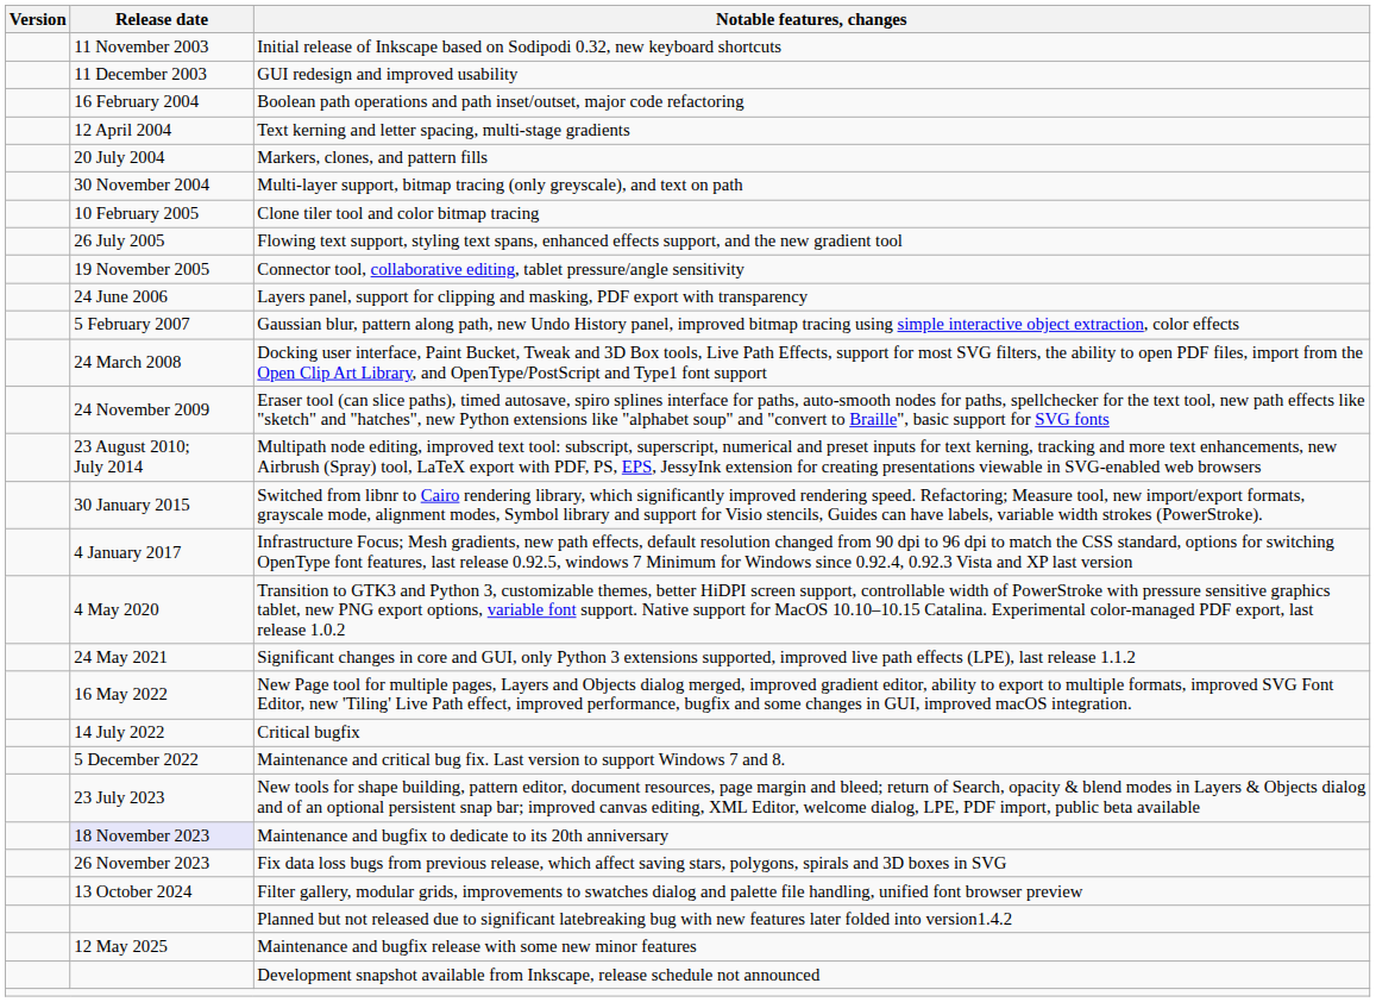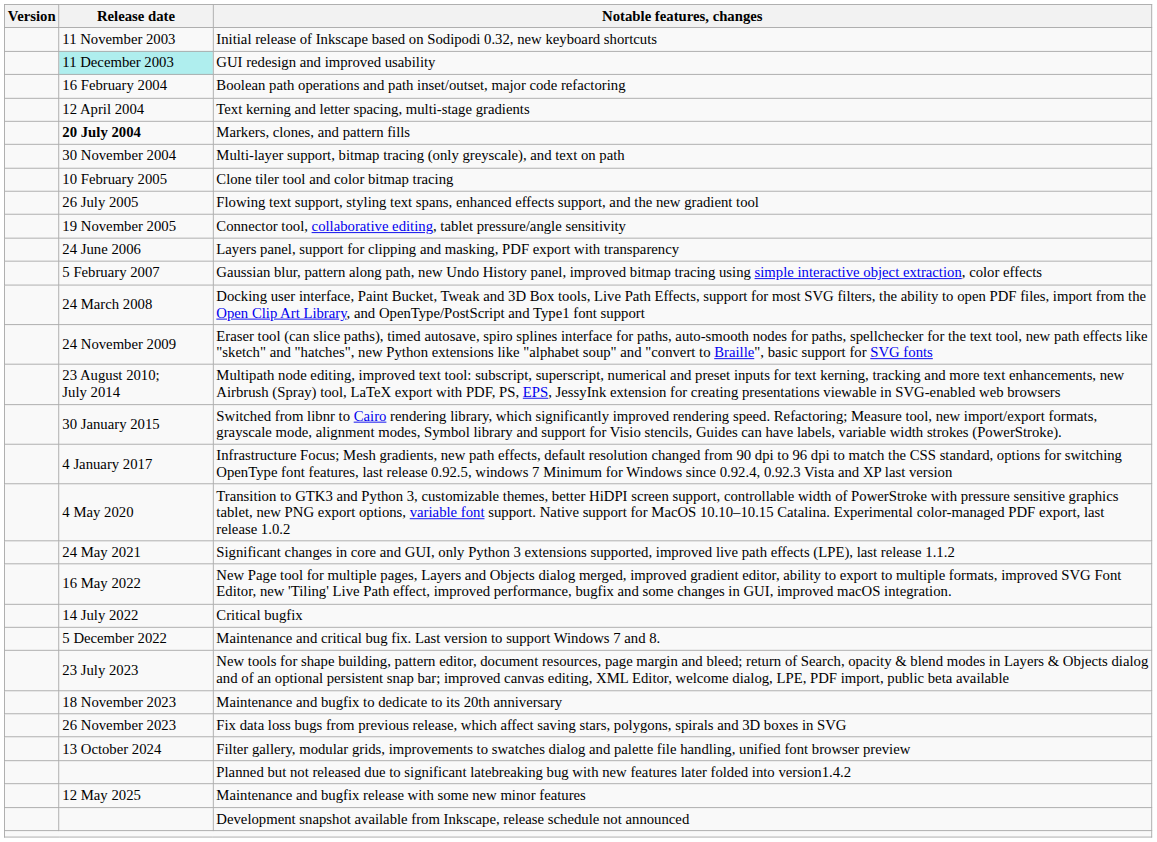 <table class="wikitable">
 <tr>
 <th>Version</th>
 <th scope="col" style="width: 10em;">Release date</th>
 <th>Notable features, changes</th>
 </tr>
 <tr>
 <td></td>
 <td>11 November 2003</td>
 <td>Initial release of Inkscape based on Sodipodi 0.32, new keyboard shortcuts</td>
 </tr>
 <tr>
 <td></td>
-<td>11 December 2003</td>
+<td style="background: paleturquoise;">11 December 2003</td>
 <td>GUI redesign and improved usability</td>
 </tr>
 <tr>
 <td></td>
 <td>16 February 2004</td>
 <td>Boolean path operations and path inset/outset, major code refactoring</td>
 </tr>
 <tr>
 <td></td>
 <td>12 April 2004</td>
 <td>Text kerning and letter spacing, multi-stage gradients</td>
 </tr>
 <tr>
 <td></td>
-<td>20 July 2004</td>
+<td><strong>20 July 2004</strong></td>
 <td>Markers, clones, and pattern fills</td>
 </tr>
 <tr>
 <td></td>
 <td>30 November 2004</td>
 <td>Multi-layer support, bitmap tracing (only greyscale), and text on path</td>
 </tr>
 <tr>
 <td></td>
 <td>10 February 2005</td>
 <td>Clone tiler tool and color bitmap tracing</td>
 </tr>
 <tr>
 <td></td>
 <td>26 July 2005</td>
 <td>Flowing text support, styling text spans, enhanced effects support, and the new gradient tool</td>
 </tr>
 <tr>
 <td></td>
 <td>19 November 2005</td>
 <td>Connector tool, <a href='#'>collaborative editing</a>, tablet pressure/angle sensitivity</td>
 </tr>
 <tr>
 <td></td>
 <td>24 June 2006</td>
 <td>Layers panel, support for clipping and masking, PDF export with transparency</td>
 </tr>
 <tr>
 <td></td>
 <td>5 February 2007</td>
 <td>Gaussian blur, pattern along path, new Undo History panel, improved bitmap tracing using <a href='#'>simple interactive object extraction</a>, color effects</td>
 </tr>
 <tr>
 <td></td>
 <td>24 March 2008</td>
 <td>Docking user interface, Paint Bucket, Tweak and 3D Box tools, Live Path Effects, support for most SVG filters, the ability to open PDF files, import from the <a href='#'>Open Clip Art Library</a>, and OpenType/PostScript and Type1 font support</td>
 </tr>
 <tr>
 <td></td>
 <td>24 November 2009</td>
 <td>Eraser tool (can slice paths), timed autosave, spiro splines interface for paths, auto-smooth nodes for paths, spellchecker for the text tool, new path effects like "sketch" and "hatches", new Python extensions like "alphabet soup" and "convert to <a href='#'>Braille</a>", basic support for <a href='#'>SVG fonts</a></td>
 </tr>
 <tr>
 <td></td>
 <td>23 August 2010;<br>July 2014</td>
 <td>Multipath node editing, improved text tool: subscript, superscript, numerical and preset inputs for text kerning, tracking and more text enhancements, new Airbrush (Spray) tool, LaTeX export with PDF, PS, <a href='#'>EPS</a>, JessyInk extension for creating presentations viewable in SVG-enabled web browsers</td>
 </tr>
 <tr>
 <td></td>
 <td>30 January 2015</td>
 <td>Switched from libnr to <a href='#'>Cairo</a> rendering library, which significantly improved rendering speed. Refactoring; Measure tool, new import/export formats, grayscale mode, alignment modes, Symbol library and support for Visio stencils, Guides can have labels, variable width strokes (PowerStroke).</td>
 </tr>
 <tr>
 <td></td>
 <td>4 January 2017</td>
 <td>Infrastructure Focus; Mesh gradients, new path effects, default resolution changed from 90 dpi to 96 dpi to match the CSS standard, options for switching OpenType font features, last release 0.92.5, windows 7 Minimum for Windows since 0.92.4, 0.92.3 Vista and XP last version</td>
 </tr>
 <tr>
 <td></td>
 <td>4 May 2020</td>
 <td>Transition to GTK3 and Python 3, customizable themes, better HiDPI screen support, controllable width of PowerStroke with pressure sensitive graphics tablet, new PNG export options, <a href='#'>variable font</a> support. Native support for MacOS 10.10–10.15 Catalina. Experimental color-managed PDF export, last release 1.0.2</td>
 </tr>
 <tr>
 <td></td>
 <td>24 May 2021</td>
 <td>Significant changes in core and GUI, only Python 3 extensions supported, improved live path effects (LPE), last release 1.1.2</td>
 </tr>
 <tr>
 <td></td>
 <td>16 May 2022</td>
 <td>New Page tool for multiple pages, Layers and Objects dialog merged, improved gradient editor, ability to export to multiple formats, improved SVG Font Editor, new 'Tiling' Live Path effect, improved performance, bugfix and some changes in GUI, improved macOS integration.</td>
 </tr>
 <tr>
 <td></td>
 <td>14 July 2022</td>
 <td>Critical bugfix</td>
 </tr>
 <tr>
 <td></td>
 <td>5 December 2022</td>
 <td>Maintenance and critical bug fix. Last version to support Windows 7 and 8.</td>
 </tr>
 <tr>
 <td></td>
 <td>23 July 2023</td>
 <td>New tools for shape building, pattern editor, document resources, page margin and bleed; return of Search, opacity & blend modes in Layers & Objects dialog and of an optional persistent snap bar; improved canvas editing, XML Editor, welcome dialog, LPE, PDF import, public beta available</td>
 </tr>
 <tr>
 <td></td>
-<td style="background: lavender;">18 November 2023</td>
+<td>18 November 2023</td>
 <td>Maintenance and bugfix to dedicate to its 20th anniversary</td>
 </tr>
 <tr>
 <td></td>
 <td>26 November 2023</td>
 <td>Fix data loss bugs from previous release, which affect saving stars, polygons, spirals and 3D boxes in SVG</td>
 </tr>
 <tr>
 <td></td>
 <td>13 October 2024</td>
 <td>Filter gallery, modular grids, improvements to swatches dialog and palette file handling, unified font browser preview </td>
 </tr>
 <tr>
 <td></td>
 <td></td>
 <td>Planned but not released due to significant latebreaking bug with new features later folded into version1.4.2</td>
 </tr>
 <tr>
 <td></td>
 <td>12 May 2025</td>
 <td>Maintenance and bugfix release with some new minor features</td>
 </tr>
 <tr>
 <td></td>
 <td></td>
 <td>Development snapshot available from Inkscape, release schedule not announced </td>
 </tr>
 <tr>
 <td colspan="5"></td>
 </tr>
 </table>
